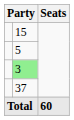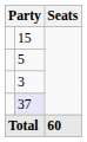 <table class="wikitable">
 <tr>
 <th colspan=2>Party</th>
 <th>Seats</th>
 </tr>
 <tr>
 <td></td>
 <td>15</td>
 </tr>
 <tr>
 <td></td>
 <td>5</td>
 </tr>
 <tr>
 <td></td>
-<td style="background: lightgreen;">3</td>
+<td>3</td>
 </tr>
 <tr>
 <td></td>
-<td>37</td>
+<td style="background: lavender;">37</td>
 </tr>
 <tr style="font-weight:bold; background:rgb(232,232,232);">
 <td colspan=2>Total</td>
 <td>60</td>
 </tr>
 </table>
